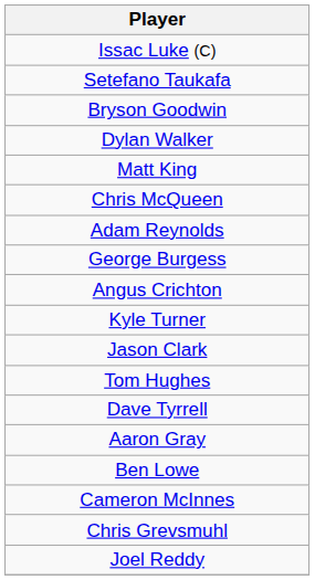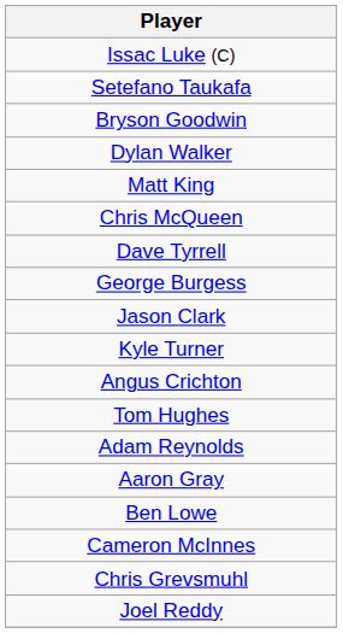 <table class="wikitable" style="text-align: center;">
 <tr>
 <th style="width:250px;">Player</th>
 </tr>
 <tr>
 <td><a href='#'>Issac Luke</a> <small>(C)</small></td>
 </tr>
 <tr>
 <td><a href='#'>Setefano Taukafa</a></td>
 </tr>
 <tr>
 <td><a href='#'>Bryson Goodwin</a></td>
 </tr>
 <tr>
 <td><a href='#'>Dylan Walker</a></td>
 </tr>
 <tr>
 <td><a href='#'>Matt King</a></td>
 </tr>
 <tr>
 <td><a href='#'>Chris McQueen</a></td>
 </tr>
 <tr>
-<td><a href='#'>Adam Reynolds</a></td>
+<td><a href='#'>Dave Tyrrell</a></td>
 </tr>
 <tr>
 <td><a href='#'>George Burgess</a></td>
 </tr>
 <tr>
-<td><a href='#'>Angus Crichton</a></td>
+<td><a href='#'>Jason Clark</a></td>
 </tr>
 <tr>
 <td><a href='#'>Kyle Turner</a></td>
 </tr>
 <tr>
-<td><a href='#'>Jason Clark</a></td>
+<td><a href='#'>Angus Crichton</a></td>
 </tr>
 <tr>
 <td><a href='#'>Tom Hughes</a></td>
 </tr>
 <tr>
-<td><a href='#'>Dave Tyrrell</a></td>
+<td><a href='#'>Adam Reynolds</a></td>
 </tr>
 <tr>
 <td><a href='#'>Aaron Gray</a></td>
 </tr>
 <tr>
 <td><a href='#'>Ben Lowe</a></td>
 </tr>
 <tr>
 <td><a href='#'>Cameron McInnes</a></td>
 </tr>
 <tr>
 <td><a href='#'>Chris Grevsmuhl</a></td>
 </tr>
 <tr>
 <td><a href='#'>Joel Reddy</a></td>
 </tr>
 <tr>
 </tr>
 </table>
